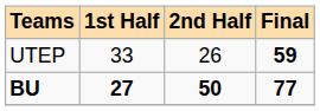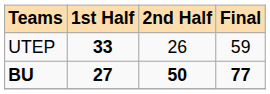 <table class="wikitable" align=right>
 <tr bgcolor=#ffdead align=center>
 <td><strong>Teams</strong></td>
 <td><strong>1st Half</strong></td>
 <td><strong>2nd Half</strong></td>
 <td><strong>Final</strong></td>
 </tr>
 <tr>
 <td>UTEP</td>
-<td align=center>33</td>
+<td align=center><strong>33</strong></td>
 <td align=center>26</td>
-<td align=center><strong>59</strong></td>
+<td align=center>59</td>
 </tr>
 <tr>
 <td><strong>BU</strong></td>
 <td align=center><strong>27</strong></td>
 <td align=center><strong>50</strong></td>
 <td align=center><strong>77</strong></td>
 </tr>
 <tr>
 </tr>
 </table>
